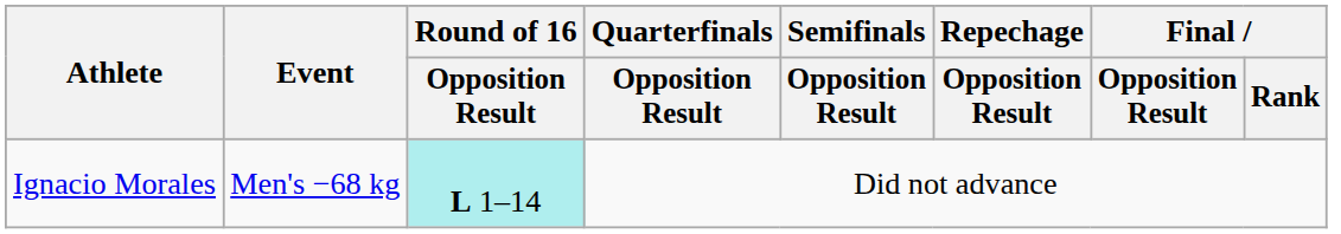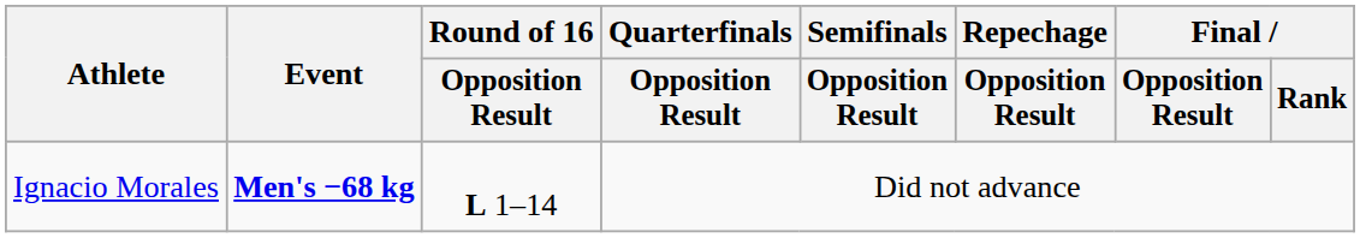 <table class="wikitable" style="font-size:90%;">
 <tr>
 <th rowspan=2>Athlete</th>
 <th rowspan=2>Event</th>
 <th>Round of 16</th>
 <th>Quarterfinals</th>
 <th>Semifinals</th>
 <th>Repechage</th>
 <th colspan=2>Final / </th>
 </tr>
 <tr style="font-size:95%">
 <th>Opposition<br>Result</th>
 <th>Opposition<br>Result</th>
 <th>Opposition<br>Result</th>
 <th>Opposition<br>Result</th>
 <th>Opposition<br>Result</th>
 <th>Rank</th>
 </tr>
 <tr align=center>
 <td align=left><a href='#'>Ignacio Morales</a></td>
-<td align=left><a href='#'>Men's −68 kg</a></td>
-<td style="background: paleturquoise;"><br><strong>L</strong> 1–14 </td>
+<td align=left><strong><a href='#'>Men's −68 kg</a></strong></td>
+<td><br><strong>L</strong> 1–14 </td>
 <td colspan=5>Did not advance</td>
 </tr>
 </table>
